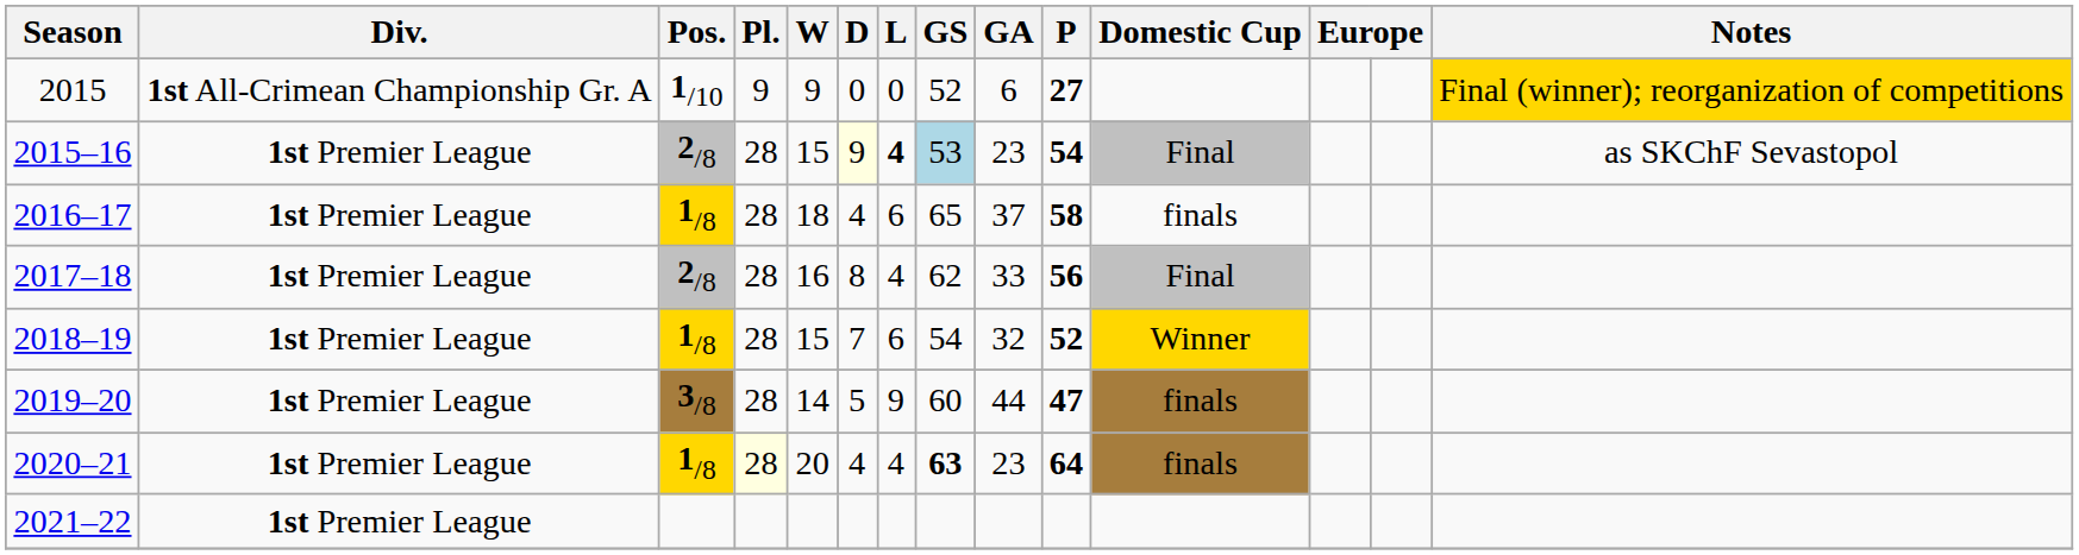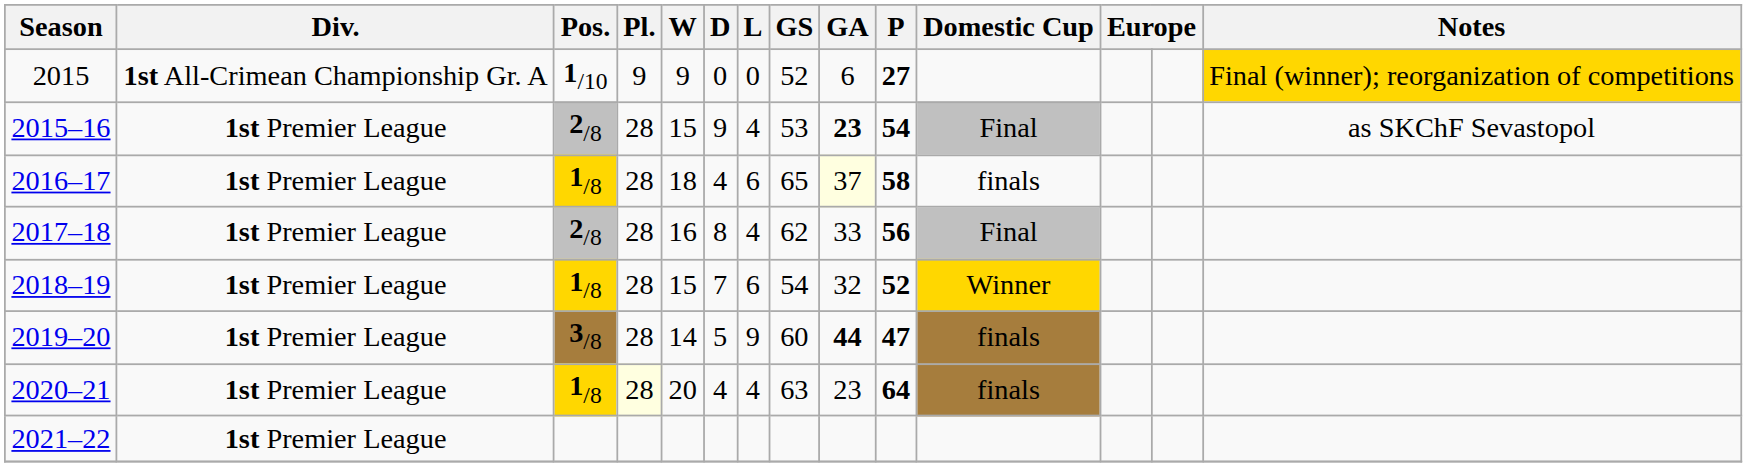 <table class="wikitable" style="text-align:center;">
 <tr bgcolor="#efefef">
 <th>Season</th>
 <th>Div.</th>
 <th>Pos.</th>
 <th>Pl.</th>
 <th>W</th>
 <th>D</th>
 <th>L</th>
 <th>GS</th>
 <th>GA</th>
 <th>P</th>
 <th>Domestic Cup</th>
 <th colspan=2>Europe</th>
 <th>Notes</th>
 </tr>
 <tr>
 <td align=center>2015</td>
 <td align=center><strong>1st</strong> All-Crimean Championship Gr. A</td>
 <td align=center><strong>1</strong><sub>/10</sub></td>
 <td align=center>9</td>
 <td align=center>9</td>
 <td align=center>0</td>
 <td align=center>0</td>
 <td align=center>52</td>
 <td align=center>6</td>
 <td align=center><strong>27</strong></td>
 <td align=center></td>
 <td align=center></td>
 <td align=center></td>
 <td align=center bgcolor=gold>Final (winner); reorganization of competitions</td>
 </tr>
 <tr>
 <td><a href='#'>2015–16</a></td>
 <td><strong>1st</strong> Premier League</td>
 <td bgcolor=silver><strong>2</strong><sub>/8</sub></td>
 <td>28</td>
 <td>15</td>
-<td style="background: lightyellow;">9</td>
-<td><strong>4</strong></td>
-<td style="background: lightblue;">53</td>
-<td>23</td>
+<td>9</td>
+<td>4</td>
+<td>53</td>
+<td><strong>23</strong></td>
 <td><strong>54</strong></td>
 <td align=center bgcolor=silver>Final</td>
 <td></td>
 <td></td>
 <td>as SKChF Sevastopol</td>
 </tr>
 <tr>
 <td><a href='#'>2016–17</a></td>
 <td><strong>1st</strong> Premier League</td>
 <td bgcolor=gold><strong>1</strong><sub>/8</sub></td>
 <td>28</td>
 <td>18</td>
 <td>4</td>
 <td>6</td>
 <td>65</td>
-<td>37</td>
+<td style="background: lightyellow;">37</td>
 <td><strong>58</strong></td>
 <td align=center> finals</td>
 <td></td>
 <td></td>
 <td></td>
 </tr>
 <tr>
 <td><a href='#'>2017–18</a></td>
 <td><strong>1st</strong> Premier League</td>
 <td bgcolor=silver><strong>2</strong><sub>/8</sub></td>
 <td>28</td>
 <td>16</td>
 <td>8</td>
 <td>4</td>
 <td>62</td>
 <td>33</td>
 <td><strong>56</strong></td>
 <td align=center bgcolor=silver>Final</td>
 <td></td>
 <td></td>
 <td></td>
 </tr>
 <tr>
 <td><a href='#'>2018–19</a></td>
 <td><strong>1st</strong> Premier League</td>
 <td bgcolor=gold><strong>1</strong><sub>/8</sub></td>
 <td>28</td>
 <td>15</td>
 <td>7</td>
 <td>6</td>
 <td>54</td>
 <td>32</td>
 <td><strong>52</strong></td>
 <td align=center bgcolor=gold>Winner</td>
 <td></td>
 <td></td>
 <td></td>
 </tr>
 <tr>
 <td><a href='#'>2019–20</a></td>
 <td><strong>1st</strong> Premier League</td>
 <td bgcolor=#A67D3D><strong>3</strong><sub>/8</sub></td>
 <td>28</td>
 <td>14</td>
 <td>5</td>
 <td>9</td>
 <td>60</td>
-<td>44</td>
+<td><strong>44</strong></td>
 <td><strong>47</strong></td>
 <td align=center bgcolor=#A67D3D> finals</td>
 <td></td>
 <td></td>
 <td></td>
 </tr>
 <tr>
 <td><a href='#'>2020–21</a></td>
 <td><strong>1st</strong> Premier League</td>
 <td bgcolor=gold><strong>1</strong><sub>/8</sub></td>
 <td style="background: lightyellow;">28</td>
 <td>20</td>
 <td>4</td>
 <td>4</td>
-<td><strong>63</strong></td>
+<td>63</td>
 <td>23</td>
 <td><strong>64</strong></td>
 <td align=center bgcolor=#A67D3D> finals</td>
 <td></td>
 <td></td>
 <td></td>
 </tr>
 <tr>
 <td align=center><a href='#'>2021–22</a></td>
 <td align=center><strong>1st</strong> Premier League</td>
 <td align=center></td>
 <td align=center></td>
 <td align=center></td>
 <td align=center></td>
 <td align=center></td>
 <td align=center></td>
 <td align=center></td>
 <td align=center></td>
 <td align=center></td>
 <td align=center></td>
 <td align=center></td>
 <td align=center></td>
 </tr>
 <tr>
 </tr>
 </table>
